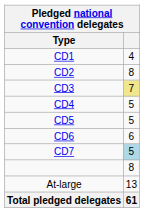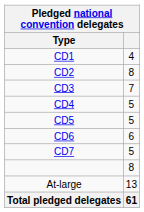 <table class="wikitable sortable" style="font-size:90%;text-align:center;float:right;padding:5px;">
 <tr>
 <th colspan="2">Pledged <a href='#'>national<br>convention</a> delegates</th>
 </tr>
 <tr>
 <th>Type</th>
 <th></th>
 </tr>
 <tr>
 <td><a href='#'>CD1</a></td>
 <td>4</td>
 </tr>
 <tr>
 <td><a href='#'>CD2</a></td>
 <td>8</td>
 </tr>
 <tr>
 <td><a href='#'>CD3</a></td>
-<td style="background: khaki;">7</td>
+<td>7</td>
 </tr>
 <tr>
 <td><a href='#'>CD4</a></td>
 <td>5</td>
 </tr>
 <tr>
 <td><a href='#'>CD5</a></td>
 <td>5</td>
 </tr>
 <tr>
 <td><a href='#'>CD6</a></td>
 <td>6</td>
 </tr>
 <tr>
 <td><a href='#'>CD7</a></td>
-<td style="background: lightblue;">5</td>
+<td>5</td>
 </tr>
 <tr>
 <td></td>
 <td>8</td>
 </tr>
 <tr>
 <td>At-large</td>
 <td>13</td>
 </tr>
 <tr>
 <th>Total pledged delegates</th>
 <th>61</th>
 </tr>
 </table>
